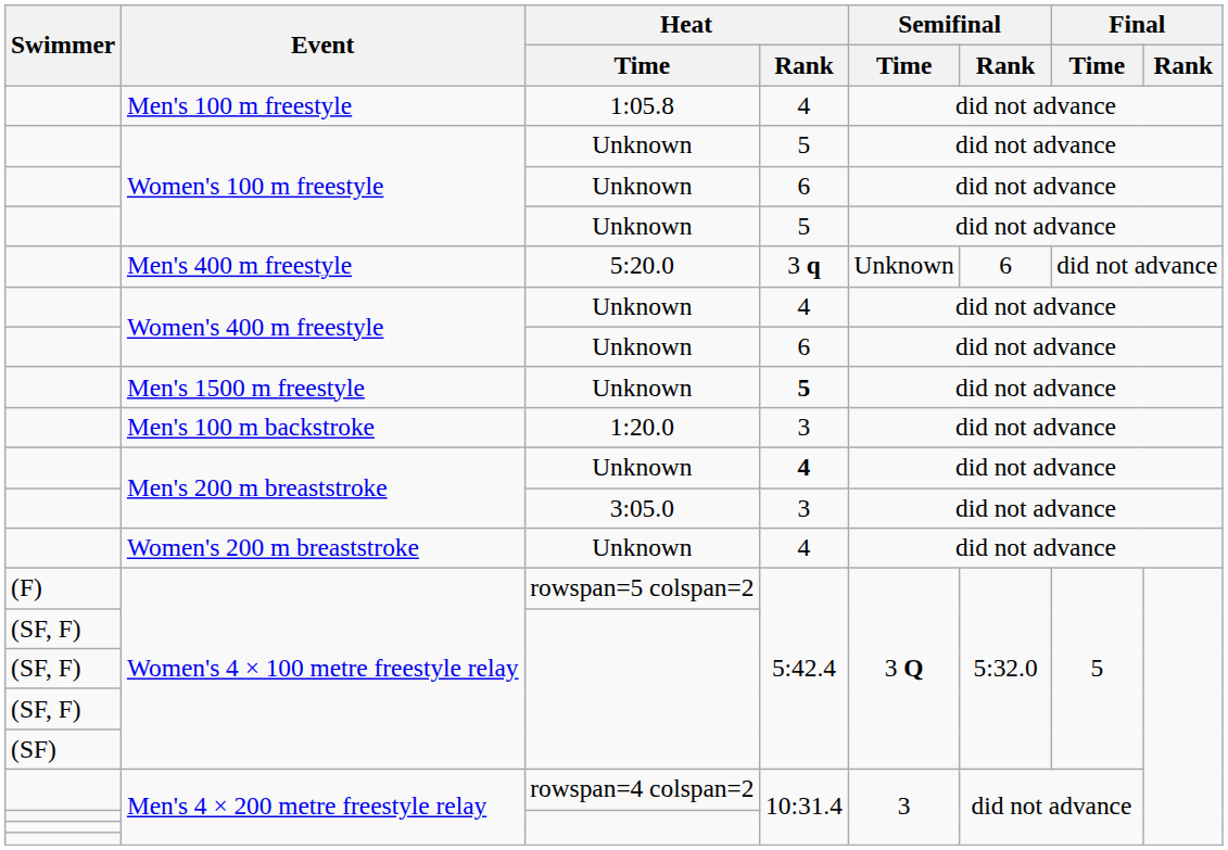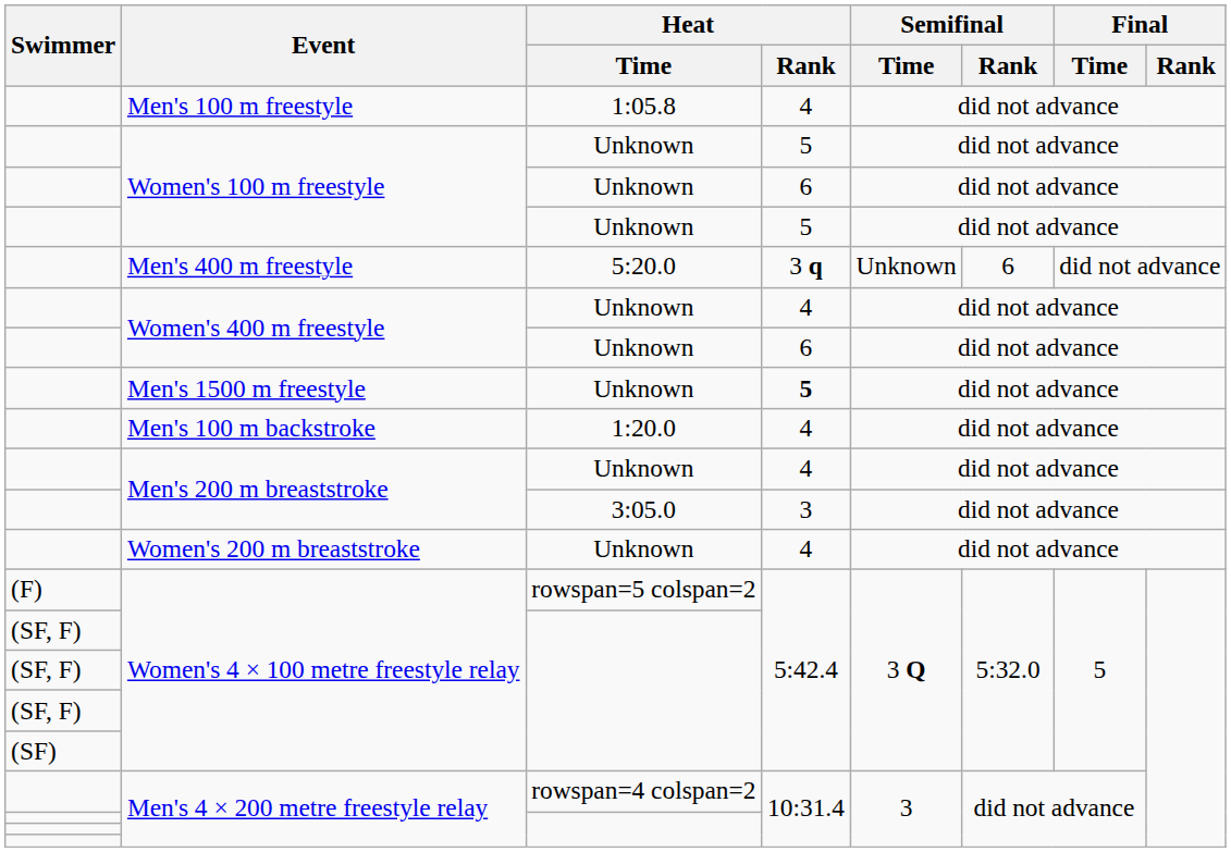 <table class="wikitable sortable" style=text-align:center>
 <tr>
 <th rowspan=2>Swimmer</th>
 <th rowspan=2>Event</th>
 <th colspan=2>Heat</th>
 <th colspan=2>Semifinal</th>
 <th colspan=2>Final</th>
 </tr>
 <tr>
 <th>Time</th>
 <th>Rank</th>
 <th>Time</th>
 <th>Rank</th>
 <th>Time</th>
 <th>Rank</th>
 </tr>
 <tr>
 <td align=left></td>
 <td align=left><a href='#'>Men's 100 m freestyle</a></td>
 <td>1:05.8</td>
 <td>4</td>
 <td colspan=4>did not advance</td>
 </tr>
 <tr>
 <td align=left></td>
 <td align=left rowspan=3><a href='#'>Women's 100 m freestyle</a></td>
 <td>Unknown</td>
 <td>5</td>
 <td colspan=4>did not advance</td>
 </tr>
 <tr>
 <td align=left></td>
 <td>Unknown</td>
 <td>6</td>
 <td colspan=4>did not advance</td>
 </tr>
 <tr>
 <td align=left></td>
 <td>Unknown</td>
 <td>5</td>
 <td colspan=4>did not advance</td>
 </tr>
 <tr>
 <td align=left></td>
 <td align=left><a href='#'>Men's 400 m freestyle</a></td>
 <td>5:20.0</td>
 <td>3 <strong>q</strong></td>
 <td>Unknown</td>
 <td>6</td>
 <td colspan=2>did not advance</td>
 </tr>
 <tr>
 <td align=left></td>
 <td align=left rowspan=2><a href='#'>Women's 400 m freestyle</a></td>
 <td>Unknown</td>
 <td>4</td>
 <td colspan=4>did not advance</td>
 </tr>
 <tr>
 <td align=left></td>
 <td>Unknown</td>
 <td>6</td>
 <td colspan=4>did not advance</td>
 </tr>
 <tr>
 <td align=left></td>
 <td align=left><a href='#'>Men's 1500 m freestyle</a></td>
 <td>Unknown</td>
 <td><strong>5</strong></td>
 <td colspan=4>did not advance</td>
 </tr>
 <tr>
 <td align=left></td>
 <td align=left><a href='#'>Men's 100 m backstroke</a></td>
 <td>1:20.0</td>
-<td>3</td>
+<td>4</td>
 <td colspan=4>did not advance</td>
 </tr>
 <tr>
 <td align=left></td>
 <td align=left rowspan=2><a href='#'>Men's 200 m breaststroke</a></td>
 <td>Unknown</td>
-<td><strong>4</strong></td>
+<td>4</td>
 <td colspan=4>did not advance</td>
 </tr>
 <tr>
 <td align=left></td>
 <td>3:05.0</td>
 <td>3</td>
 <td colspan=4>did not advance</td>
 </tr>
 <tr>
 <td align=left></td>
 <td align=left><a href='#'>Women's 200 m breaststroke</a></td>
 <td>Unknown</td>
 <td>4</td>
 <td colspan=4>did not advance</td>
 </tr>
 <tr>
 <td align=left> (F)</td>
 <td align=left rowspan=5><a href='#'>Women's 4 × 100 metre freestyle relay</a></td>
 <td>rowspan=5 colspan=2 </td>
 <td rowspan=5>5:42.4</td>
 <td rowspan=5>3 <strong>Q</strong></td>
 <td rowspan=5>5:32.0</td>
 <td rowspan=5>5</td>
 </tr>
 <tr>
 <td align=left> (SF, F)</td>
 </tr>
 <tr>
 <td align=left> (SF, F)</td>
 </tr>
 <tr>
 <td align=left> (SF, F)</td>
 </tr>
 <tr>
 <td align=left> (SF)</td>
 </tr>
 <tr>
 <td align=left></td>
 <td align=left rowspan=4><a href='#'>Men's 4 × 200 metre freestyle relay</a></td>
 <td>rowspan=4 colspan=2 </td>
 <td rowspan=4>10:31.4</td>
 <td rowspan=4>3</td>
 <td rowspan=4 colspan=2>did not advance</td>
 </tr>
 <tr>
 <td align=left></td>
 </tr>
 <tr>
 <td align=left></td>
 </tr>
 <tr>
 <td align=left></td>
 </tr>
 </table>
